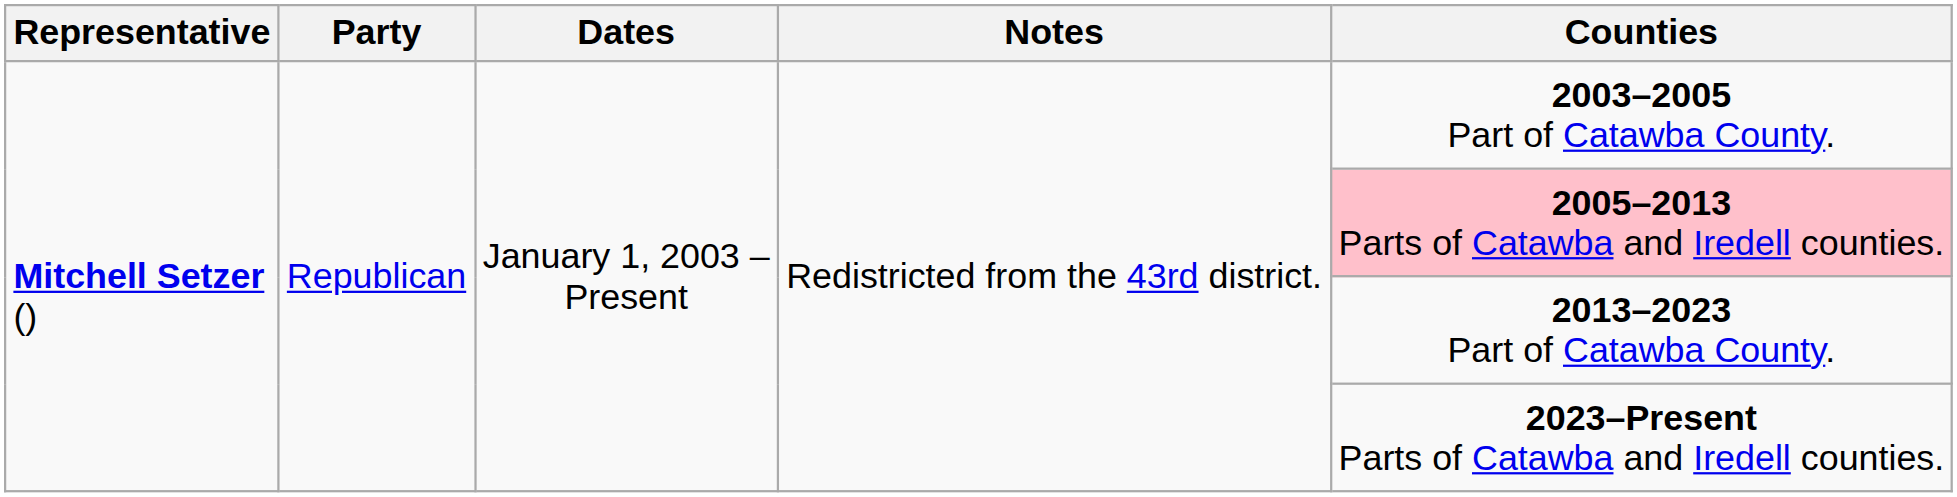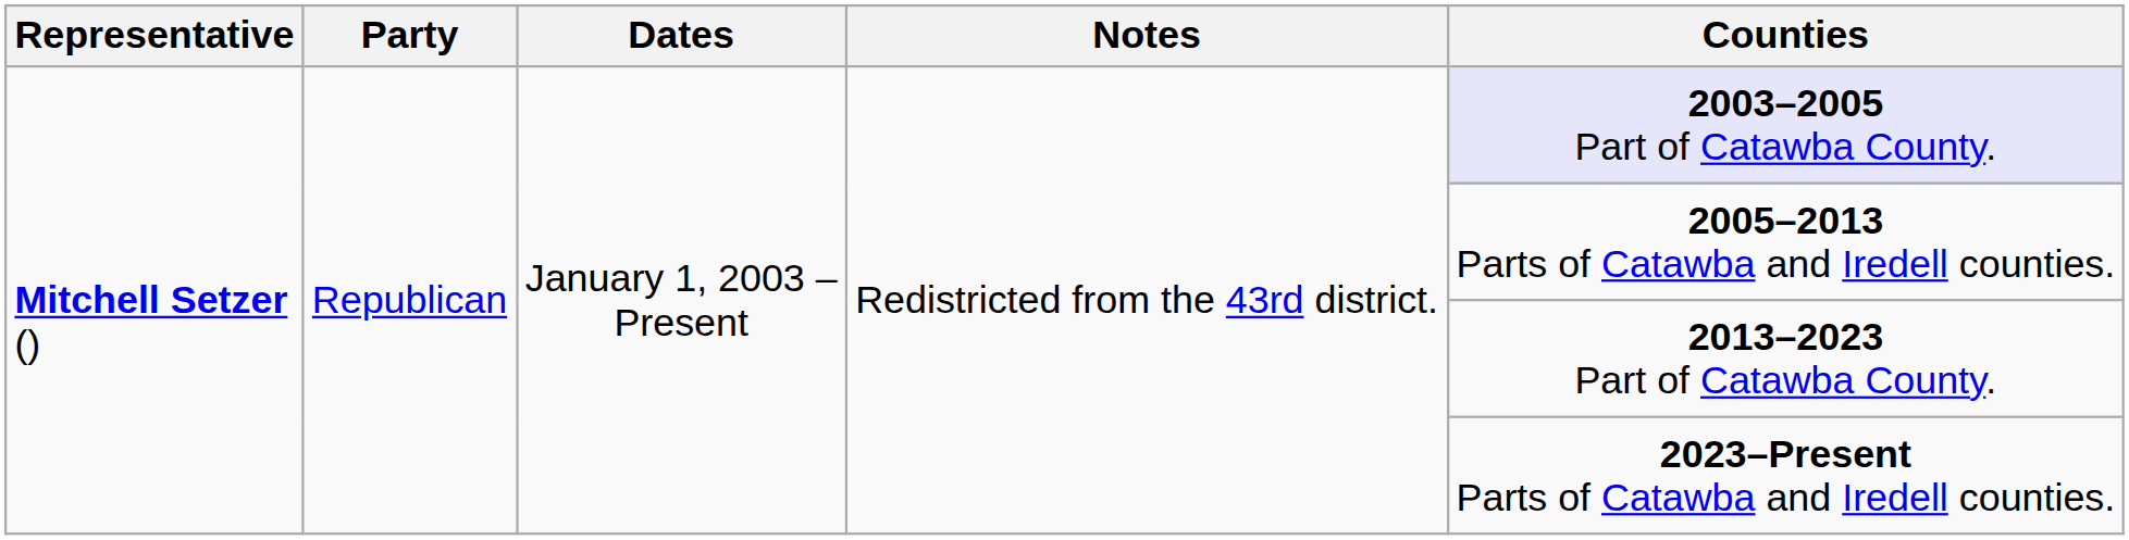 <table class=wikitable style="text-align:center">
 <tr>
 <th>Representative</th>
 <th>Party</th>
 <th>Dates</th>
 <th>Notes</th>
 <th>Counties</th>
 </tr>
 <tr style="height:3em">
 <td rowspan=4 align=left><br><strong><a href='#'>Mitchell Setzer</a></strong><br>()</td>
 <td rowspan=4 ><a href='#'>Republican</a></td>
 <td rowspan=4 nowrap>January 1, 2003 – <br> Present</td>
 <td rowspan=4>Redistricted from the <a href='#'>43rd</a> district.</td>
-<td><strong>2003–2005</strong> <br> Part of <a href='#'>Catawba County</a>.</td>
+<td style="background: lavender;"><strong>2003–2005</strong> <br> Part of <a href='#'>Catawba County</a>.</td>
 </tr>
 <tr style="height:3em">
-<td style="background: pink;"><strong>2005–2013</strong> <br> Parts of <a href='#'>Catawba</a> and <a href='#'>Iredell</a> counties.</td>
+<td><strong>2005–2013</strong> <br> Parts of <a href='#'>Catawba</a> and <a href='#'>Iredell</a> counties.</td>
 </tr>
 <tr style="height:3em">
 <td><strong>2013–2023</strong> <br> Part of <a href='#'>Catawba County</a>.</td>
 </tr>
 <tr style="height:3em">
 <td><strong>2023–Present</strong> <br> Parts of <a href='#'>Catawba</a> and <a href='#'>Iredell</a> counties.</td>
 </tr>
 </table>
